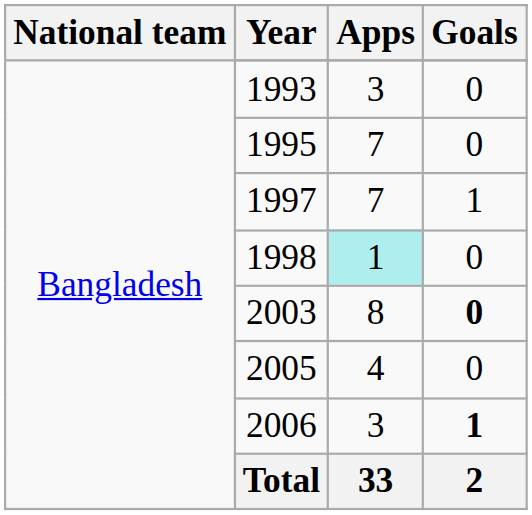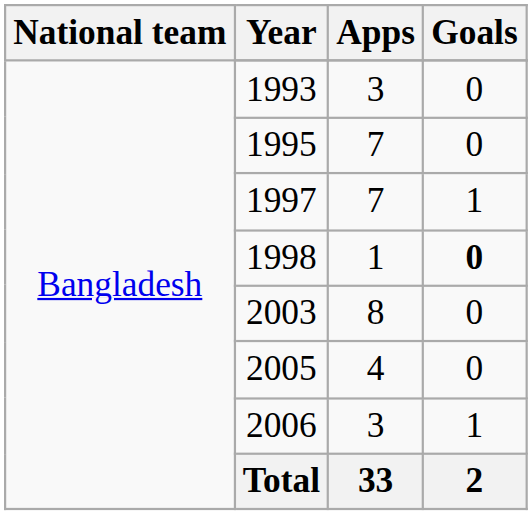 <table class="wikitable" style="text-align: center;">
 <tr>
 <th>National team</th>
 <th>Year</th>
 <th>Apps</th>
 <th>Goals</th>
 </tr>
 <tr>
 <td rowspan="9"><a href='#'>Bangladesh</a></td>
 </tr>
 <tr>
 <td>1993</td>
 <td>3</td>
 <td>0</td>
 </tr>
 <tr>
 <td>1995</td>
 <td>7</td>
 <td>0</td>
 </tr>
 <tr>
 <td>1997</td>
 <td>7</td>
 <td>1</td>
 </tr>
 <tr>
 <td>1998</td>
-<td style="background: paleturquoise;">1</td>
-<td>0</td>
+<td>1</td>
+<td><strong>0</strong></td>
 </tr>
 <tr>
 <td>2003</td>
 <td>8</td>
-<td><strong>0</strong></td>
+<td>0</td>
 </tr>
 <tr>
 <td>2005</td>
 <td>4</td>
 <td>0</td>
 </tr>
 <tr>
 <td>2006</td>
 <td>3</td>
-<td><strong>1</strong></td>
+<td>1</td>
 </tr>
 <tr>
 <th>Total</th>
 <th>33</th>
 <th>2</th>
 </tr>
 </table>
